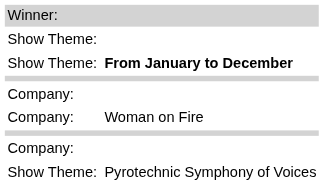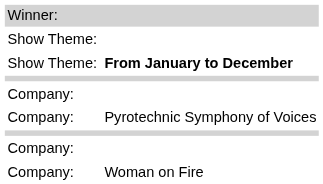 <table border="0" cellpadding="3">
 <tr>
 <td colspan="2" style="background:lightgrey;">Winner: </td>
 </tr>
 <tr>
 <td>Show Theme:</td>
 <td></td>
 </tr>
 <tr>
 <td>Show Theme:</td>
 <td><strong>From January to December</strong></td>
 </tr>
 <tr>
 <td colspan="2" style="background:lightgrey;"></td>
 </tr>
 <tr>
 <td>Company:</td>
 <td></td>
 </tr>
 <tr>
 <td>Company:</td>
-<td>Woman on Fire</td>
+<td>Pyrotechnic Symphony of Voices</td>
 </tr>
 <tr>
 <td colspan="2" style="background:lightgrey;"></td>
 </tr>
 <tr>
 <td>Company:</td>
 <td></td>
 </tr>
 <tr>
-<td>Show Theme:</td>
-<td>Pyrotechnic Symphony of Voices</td>
+<td>Company:</td>
+<td>Woman on Fire</td>
 </tr>
 </table>
